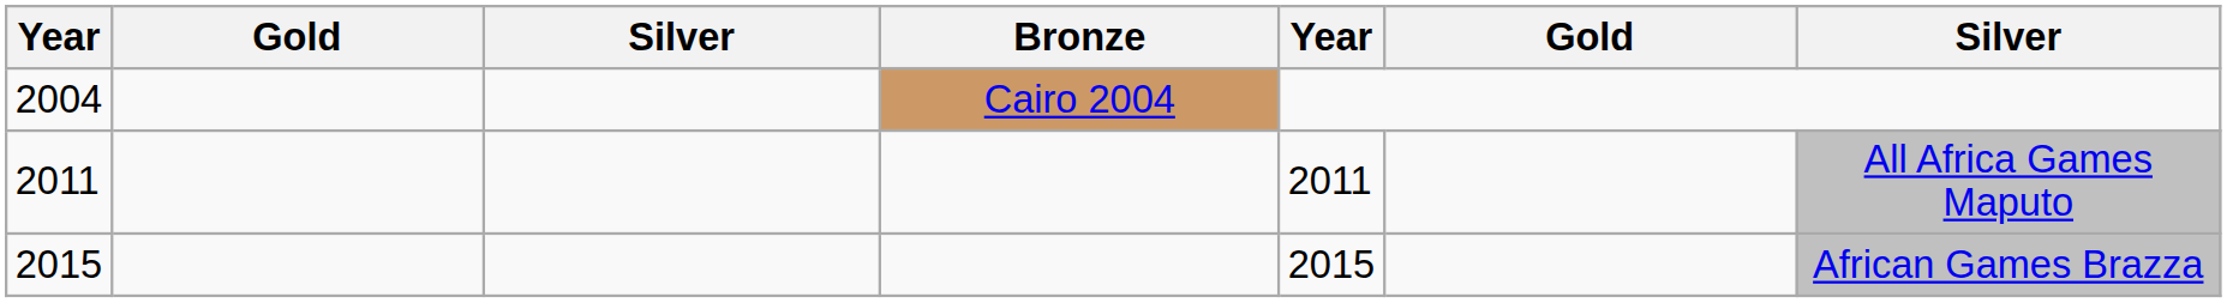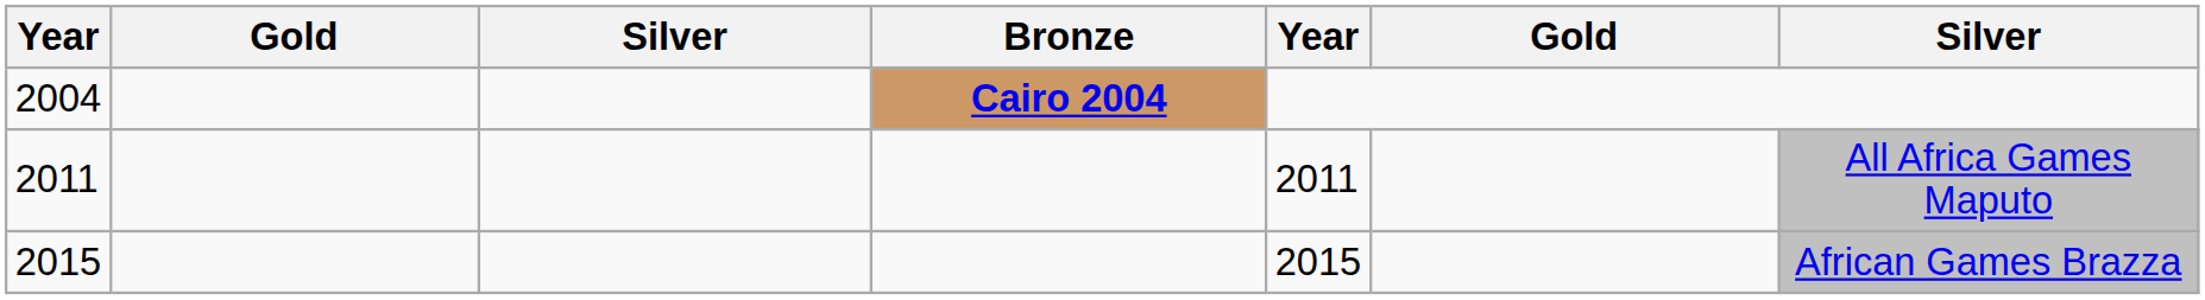 <table class="wikitable" style="text-align:left; font-size:90%">
 <tr>
 <th>Year</th>
 <th width="130">Gold</th>
 <th width="140">Silver</th>
 <th width="140">Bronze</th>
 <th>Year</th>
 <th width="145">Gold</th>
 <th width="150">Silver</th>
 </tr>
 <tr>
 <td>2004</td>
 <td></td>
 <td></td>
-<td align=center style="background:#cc9966;"><a href='#'>Cairo 2004</a></td>
+<td align=center style="background:#cc9966;"><strong><a href='#'>Cairo 2004</a></strong></td>
 </tr>
 <tr>
 <td>2011</td>
 <td></td>
 <td></td>
 <td></td>
 <td>2011</td>
 <td></td>
 <td align=center style="background:silver;"><a href='#'>All Africa Games Maputo</a></td>
 </tr>
 <tr>
 <td>2015</td>
 <td></td>
 <td></td>
 <td></td>
 <td>2015</td>
 <td></td>
 <td align=center style="background:silver;"><a href='#'>African Games Brazza</a></td>
 </tr>
 </table>
